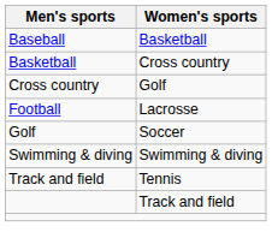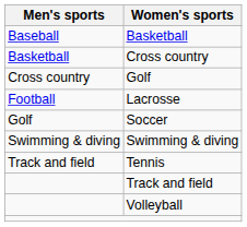 <table class="wikitable" style= " ">
 <tr>
 <th width=px>Men's sports</th>
 <th width=px>Women's sports</th>
 </tr>
 <tr>
 <td><a href='#'>Baseball</a></td>
 <td><a href='#'>Basketball</a></td>
 </tr>
 <tr>
 <td><a href='#'>Basketball</a></td>
 <td>Cross country</td>
 </tr>
 <tr>
 <td>Cross country</td>
 <td>Golf</td>
 </tr>
 <tr>
 <td><a href='#'>Football</a></td>
 <td>Lacrosse</td>
 </tr>
 <tr>
 <td>Golf</td>
 <td>Soccer</td>
 </tr>
 <tr>
 <td>Swimming & diving</td>
 <td>Swimming & diving</td>
 </tr>
 <tr>
 <td>Track and field</td>
 <td>Tennis</td>
 </tr>
 <tr>
 <td></td>
 <td>Track and field</td>
 </tr>
 <tr>
+<td></td>
+<td>Volleyball</td>
+</tr>
+<tr>
 <td colspan="2"></td>
 </tr>
 </table>
